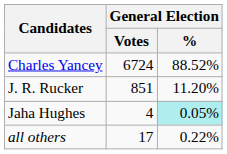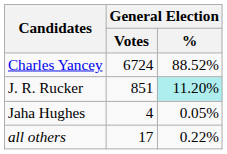 <table class=wikitable>
 <tr>
 <th colspan=1 rowspan=2><strong>Candidates</strong></th>
 <th colspan=2><strong>General Election</strong></th>
 </tr>
 <tr>
 <th>Votes</th>
 <th>%</th>
 </tr>
 <tr>
 <td><a href='#'>Charles Yancey</a></td>
 <td align="right">6724</td>
 <td align="right">88.52%</td>
 </tr>
 <tr>
 <td>J. R. Rucker</td>
 <td align="right">851</td>
-<td align="right">11.20%</td>
+<td align="right" style="background: paleturquoise;">11.20%</td>
 </tr>
 <tr>
 <td>Jaha Hughes</td>
 <td align="right">4</td>
-<td align="right" style="background: paleturquoise;">0.05%</td>
+<td align="right">0.05%</td>
 </tr>
 <tr>
 <td><em>all others</em></td>
 <td align="right">17</td>
 <td align="right">0.22%</td>
 </tr>
 </table>
